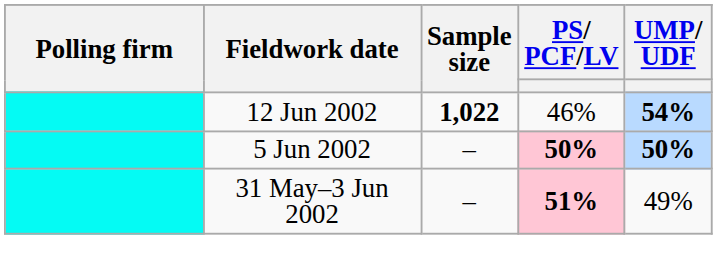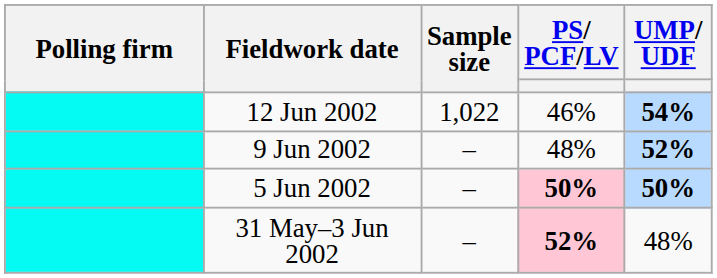 <table class="wikitable sortable" style="text-align:center;font-size:90%;line-height:14px;">
 <tr style="height:40px;">
 <th style="width:100px;" rowspan="2">Polling firm</th>
 <th style="width:110px;" rowspan="2">Fieldwork date</th>
 <th style="width:35px;" rowspan="2">Sample<br>size</th>
 <th class="unsortable" style="width:40px;"><a href='#'>PS</a>/<br><a href='#'>PCF</a>/<a href='#'>LV</a></th>
 <th class="unsortable" style="width:40px;"><a href='#'>UMP</a>/<br><a href='#'>UDF</a></th>
 </tr>
 <tr>
 <th style="background:"></th>
 <th style="background:"></th>
 </tr>
 <tr>
 <td style="background:#04FBF4;"></td>
 <td data-sort-value="2002-06-12">12 Jun 2002</td>
-<td><strong>1,022</strong></td>
+<td>1,022</td>
 <td>46%</td>
 <td style="background:#B9DAFF;"><strong>54%</strong></td>
+</tr>
+<tr>
+<td style="background:#04FBF4;"></td>
+<td data-sort-value="2002-06-09">9 Jun 2002</td>
+<td>–</td>
+<td>48%</td>
+<td style="background:#B9DAFF;"><strong>52%</strong></td>
 </tr>
 <tr>
 <td style="background:#04FBF4;"></td>
 <td data-sort-value="2002-06-05">5 Jun 2002</td>
 <td>–</td>
 <td style="background:#FFC6D5;"><strong>50%</strong></td>
 <td style="background:#B9DAFF;"><strong>50%</strong></td>
 </tr>
 <tr>
 <td style="background:#04FBF4;"></td>
 <td data-sort-value="2002-06-03">31 May–3 Jun 2002</td>
 <td>–</td>
-<td style="background:#FFC6D5;"><strong>51%</strong></td>
-<td>49%</td>
+<td style="background:#FFC6D5;"><strong>52%</strong></td>
+<td>48%</td>
 </tr>
 </table>
